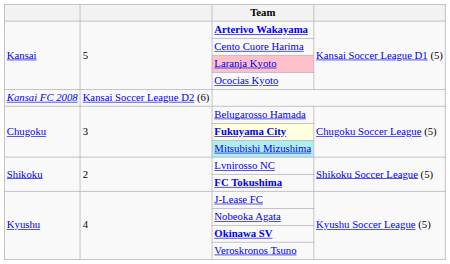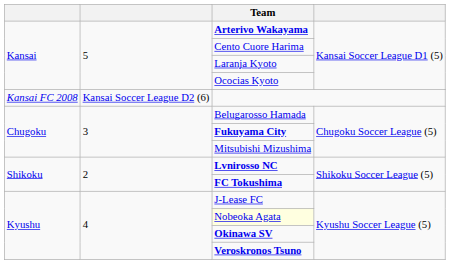 <table class = "wikitable" style = "text-align:left">
 <tr>
 <th></th>
 <th></th>
 <th>Team</th>
 <th></th>
 </tr>
 <tr>
 <td rowspan=5><a href='#'>Kansai</a></td>
 <td rowspan=5>5</td>
 <td><strong><a href='#'>Arterivo Wakayama</a></strong></td>
 <td rowspan=4><a href='#'>Kansai Soccer League D1</a> (5)</td>
 </tr>
 <tr>
 <td><a href='#'>Cento Cuore Harima</a></td>
 </tr>
 <tr>
-<td style="background: pink;"><a href='#'>Laranja Kyoto</a></td>
+<td><a href='#'>Laranja Kyoto</a></td>
 </tr>
 <tr>
 <td><a href='#'>Ococias Kyoto</a></td>
 </tr>
 <tr>
 </tr>
 <tr>
 <td><em><a href='#'>Kansai FC 2008</a></em></td>
 <td><a href='#'>Kansai Soccer League D2</a> (6)</td>
 </tr>
 <tr>
 <td rowspan=3><a href='#'>Chugoku</a></td>
 <td rowspan=3>3</td>
 <td><a href='#'>Belugarosso Hamada</a></td>
 <td rowspan=3><a href='#'>Chugoku Soccer League</a> (5)</td>
 </tr>
 <tr>
-<td style="background: lightyellow;"><strong><a href='#'>Fukuyama City</a></strong></td>
+<td><strong><a href='#'>Fukuyama City</a></strong></td>
 </tr>
 <tr>
-<td style="background: paleturquoise;"><a href='#'>Mitsubishi Mizushima</a></td>
+<td><a href='#'>Mitsubishi Mizushima</a></td>
 </tr>
 <tr>
 <td rowspan=2><a href='#'>Shikoku</a></td>
 <td rowspan=2>2</td>
-<td><a href='#'>Lvnirosso NC</a></td>
+<td><strong><a href='#'>Lvnirosso NC</a></strong></td>
 <td rowspan=2><a href='#'>Shikoku Soccer League</a> (5)</td>
 </tr>
 <tr>
 <td><strong><a href='#'>FC Tokushima</a></strong></td>
 </tr>
 <tr>
 <td rowspan=4><a href='#'>Kyushu</a></td>
 <td rowspan=4>4</td>
 <td><a href='#'>J-Lease FC</a></td>
 <td rowspan=4><a href='#'>Kyushu Soccer League</a> (5)</td>
 </tr>
 <tr>
-<td><a href='#'>Nobeoka Agata</a></td>
+<td style="background: lightyellow;"><a href='#'>Nobeoka Agata</a></td>
 </tr>
 <tr>
 <td><strong><a href='#'>Okinawa SV</a></strong></td>
 </tr>
 <tr>
-<td><a href='#'>Veroskronos Tsuno</a></td>
+<td><strong><a href='#'>Veroskronos Tsuno</a></strong></td>
 </tr>
 </table>
